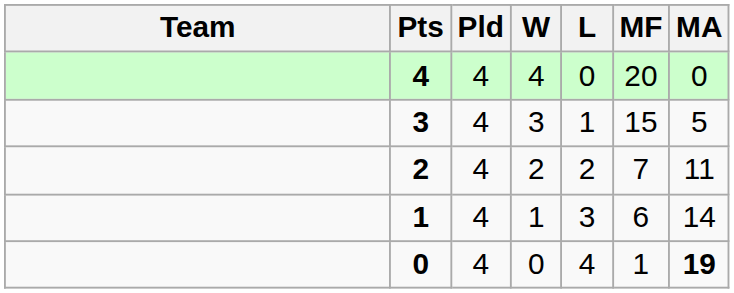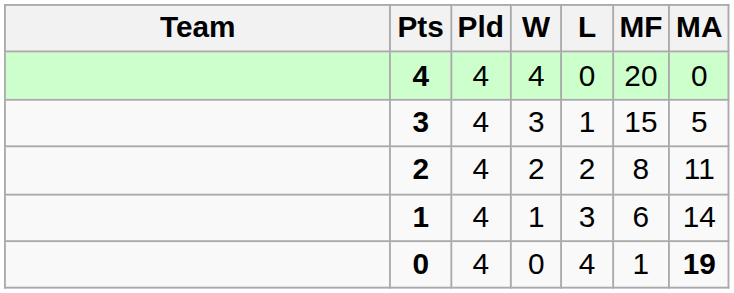 <table class=wikitable style="text-align:center">
 <tr>
 <th width=200>Team</th>
 <th width=20>Pts</th>
 <th width=20>Pld</th>
 <th width=20>W</th>
 <th width=20>L</th>
 <th width=20>MF</th>
 <th width=20>MA</th>
 </tr>
 <tr bgcolor=ccffcc>
 <td style="text-align:left"><strong></strong></td>
 <td><strong>4</strong></td>
 <td>4</td>
 <td>4</td>
 <td>0</td>
 <td>20</td>
 <td>0</td>
 </tr>
 <tr>
 <td style="text-align:left"></td>
 <td><strong>3</strong></td>
 <td>4</td>
 <td>3</td>
 <td>1</td>
 <td>15</td>
 <td>5</td>
 </tr>
 <tr>
 <td style="text-align:left"></td>
 <td><strong>2</strong></td>
 <td>4</td>
 <td>2</td>
 <td>2</td>
-<td>7</td>
+<td>8</td>
 <td>11</td>
 </tr>
 <tr>
 <td style="text-align:left"></td>
 <td><strong>1</strong></td>
 <td>4</td>
 <td>1</td>
 <td>3</td>
 <td>6</td>
 <td>14</td>
 </tr>
 <tr>
 <td style="text-align:left"></td>
 <td><strong>0</strong></td>
 <td>4</td>
 <td>0</td>
 <td>4</td>
 <td>1</td>
 <td><strong>19</strong></td>
 </tr>
 </table>
